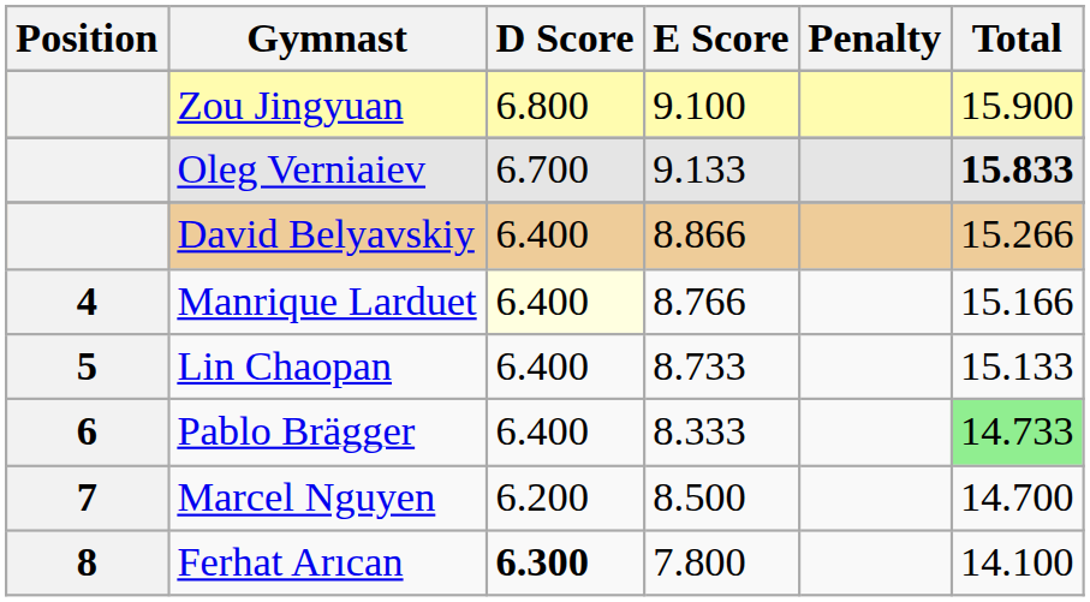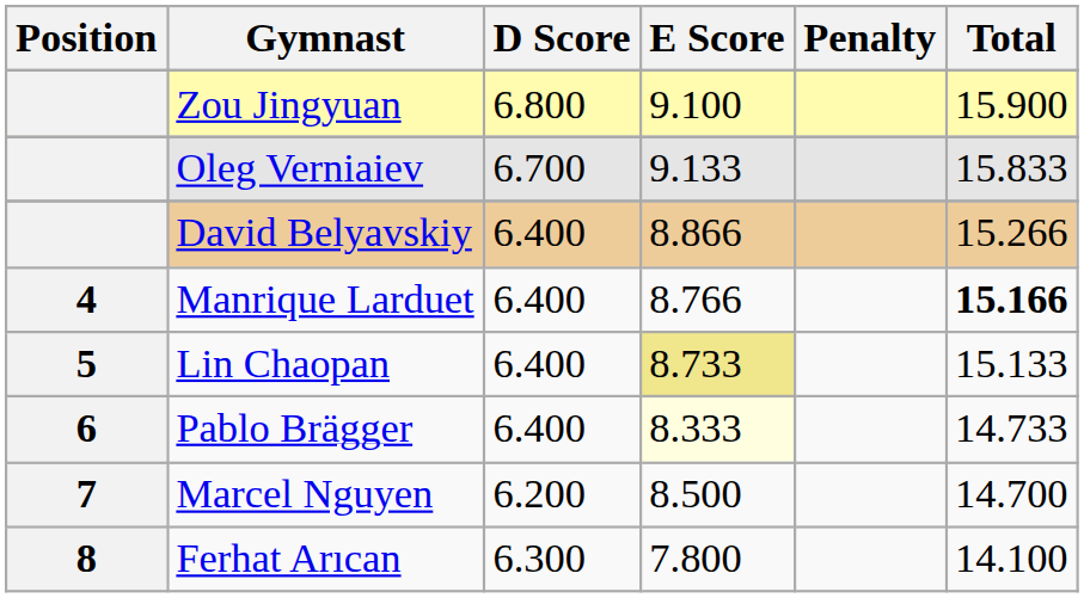 <table class="wikitable sortable">
 <tr>
 <th>Position</th>
 <th>Gymnast</th>
 <th>D Score</th>
 <th>E Score</th>
 <th>Penalty</th>
 <th>Total</th>
 </tr>
 <tr>
 </tr>
 <tr style="background:#fffcaf;">
 <th scope="row" style="text-align:center"></th>
 <td> <a href='#'>Zou Jingyuan</a></td>
 <td>6.800</td>
 <td>9.100</td>
 <td></td>
 <td>15.900</td>
 </tr>
 <tr>
 </tr>
 <tr style="background:#e5e5e5;">
 <th scope="row" style="text-align:center"></th>
 <td> <a href='#'>Oleg Verniaiev</a></td>
 <td>6.700</td>
 <td>9.133</td>
 <td></td>
-<td><strong>15.833</strong></td>
+<td>15.833</td>
 </tr>
 <tr>
 </tr>
 <tr style="background:#ec9;">
 <th scope="row" style="text-align:center"></th>
 <td> <a href='#'>David Belyavskiy</a></td>
 <td>6.400</td>
 <td>8.866</td>
 <td></td>
 <td>15.266</td>
 </tr>
 <tr>
 <th>4</th>
 <td> <a href='#'>Manrique Larduet</a></td>
-<td style="background: lightyellow;">6.400</td>
+<td>6.400</td>
 <td>8.766</td>
 <td></td>
-<td>15.166</td>
+<td><strong>15.166</strong></td>
 </tr>
 <tr>
 <th>5</th>
 <td> <a href='#'>Lin Chaopan</a></td>
 <td>6.400</td>
-<td>8.733</td>
+<td style="background: khaki;">8.733</td>
 <td></td>
 <td>15.133</td>
 </tr>
 <tr>
 <th>6</th>
 <td> <a href='#'>Pablo Brägger</a></td>
 <td>6.400</td>
-<td>8.333</td>
+<td style="background: lightyellow;">8.333</td>
 <td></td>
-<td style="background: lightgreen;">14.733</td>
+<td>14.733</td>
 </tr>
 <tr>
 <th>7</th>
 <td> <a href='#'>Marcel Nguyen</a></td>
 <td>6.200</td>
 <td>8.500</td>
 <td></td>
 <td>14.700</td>
 </tr>
 <tr>
 <th>8</th>
 <td> <a href='#'>Ferhat Arıcan</a></td>
-<td><strong>6.300</strong></td>
+<td>6.300</td>
 <td>7.800</td>
 <td></td>
 <td>14.100</td>
 </tr>
 </table>
